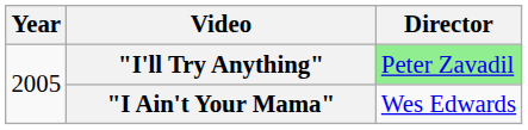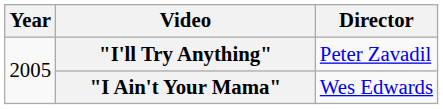 <table class="wikitable plainrowheaders">
 <tr>
 <th>Year</th>
 <th style="width:12em;">Video</th>
 <th>Director</th>
 </tr>
 <tr>
 <td rowspan="2">2005</td>
 <th scope="row">"I'll Try Anything"</th>
-<td style="background: lightgreen;"><a href='#'>Peter Zavadil</a></td>
+<td><a href='#'>Peter Zavadil</a></td>
 </tr>
 <tr>
 <th scope="row">"I Ain't Your Mama"</th>
 <td><a href='#'>Wes Edwards</a></td>
 </tr>
 </table>
